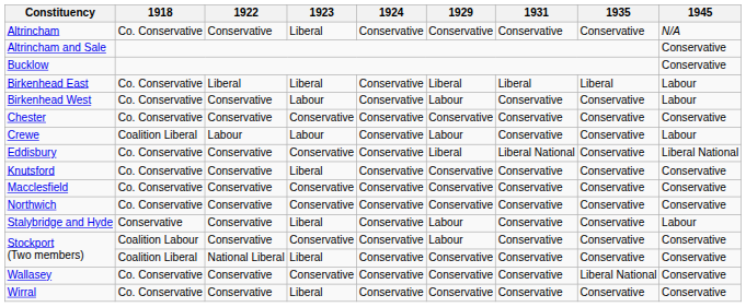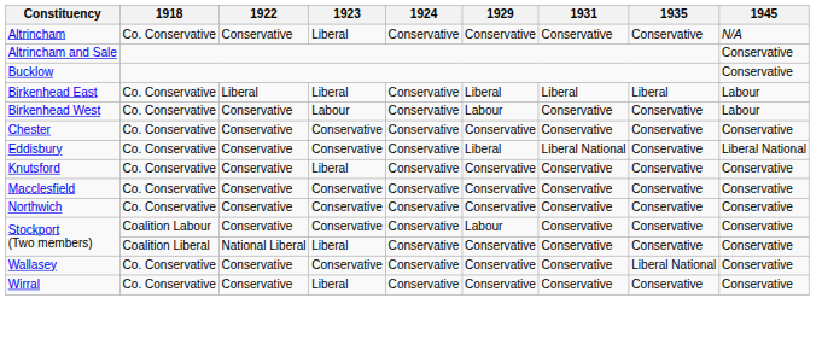 <table class="wikitable sortable">
 <tr>
 <th>Constituency</th>
 <th>1918</th>
 <th>1922</th>
 <th>1923</th>
 <th>1924</th>
 <th>1929</th>
 <th>1931</th>
 <th>1935</th>
 <th>1945</th>
 </tr>
 <tr>
 <td><a href='#'>Altrincham</a></td>
 <td bgcolor=>Co. Conservative</td>
 <td bgcolor=>Conservative</td>
 <td bgcolor=>Liberal</td>
 <td bgcolor=>Conservative</td>
 <td bgcolor=>Conservative</td>
 <td bgcolor=>Conservative</td>
 <td bgcolor=>Conservative</td>
 <td><em>N/A</em></td>
 </tr>
 <tr>
 <td><a href='#'>Altrincham and Sale</a></td>
 <td colspan="7"></td>
 <td bgcolor=>Conservative</td>
 </tr>
 <tr>
 <td><a href='#'>Bucklow</a></td>
 <td colspan="7"></td>
 <td bgcolor=>Conservative</td>
 </tr>
 <tr>
 <td><a href='#'>Birkenhead East</a></td>
 <td>Co. Conservative</td>
 <td>Liberal</td>
 <td>Liberal</td>
 <td>Conservative</td>
 <td>Liberal</td>
 <td>Liberal</td>
 <td>Liberal</td>
 <td bgcolor=>Labour</td>
 </tr>
 <tr>
 <td><a href='#'>Birkenhead West</a></td>
 <td>Co. Conservative</td>
 <td>Conservative</td>
 <td>Labour</td>
 <td>Conservative</td>
 <td>Labour</td>
 <td>Conservative</td>
 <td>Conservative</td>
 <td bgcolor=>Labour</td>
 </tr>
 <tr>
 <td><a href='#'>Chester</a></td>
 <td>Co. Conservative</td>
 <td>Conservative</td>
 <td>Conservative</td>
 <td>Conservative</td>
 <td>Conservative</td>
 <td>Conservative</td>
 <td>Conservative</td>
 <td bgcolor=>Conservative</td>
 </tr>
 <tr>
-<td><a href='#'>Crewe</a></td>
-<td>Coalition Liberal</td>
-<td>Labour</td>
-<td>Labour</td>
-<td>Conservative</td>
-<td>Labour</td>
-<td>Conservative</td>
-<td>Conservative</td>
-<td bgcolor=>Labour</td>
-</tr>
-<tr>
 <td><a href='#'>Eddisbury</a></td>
 <td>Co. Conservative</td>
 <td>Conservative</td>
 <td>Conservative</td>
 <td>Conservative</td>
 <td>Liberal</td>
 <td>Liberal National</td>
 <td>Conservative</td>
 <td bgcolor=>Liberal National</td>
 </tr>
 <tr>
 <td><a href='#'>Knutsford</a></td>
 <td>Co. Conservative</td>
 <td>Conservative</td>
 <td>Liberal</td>
 <td>Conservative</td>
 <td>Conservative</td>
 <td>Conservative</td>
 <td>Conservative</td>
 <td bgcolor=>Conservative</td>
 </tr>
 <tr>
 <td><a href='#'>Macclesfield</a></td>
 <td>Co. Conservative</td>
 <td>Conservative</td>
 <td>Conservative</td>
 <td>Conservative</td>
 <td>Conservative</td>
 <td>Conservative</td>
 <td>Conservative</td>
 <td bgcolor=>Conservative</td>
 </tr>
 <tr>
 <td><a href='#'>Northwich</a></td>
 <td>Co. Conservative</td>
 <td>Conservative</td>
 <td>Conservative</td>
 <td>Conservative</td>
 <td>Conservative</td>
 <td>Conservative</td>
 <td>Conservative</td>
 <td bgcolor=>Conservative</td>
-</tr>
-<tr>
-<td><a href='#'>Stalybridge and Hyde</a></td>
-<td>Conservative</td>
-<td>Conservative</td>
-<td>Liberal</td>
-<td>Conservative</td>
-<td>Labour</td>
-<td>Conservative</td>
-<td>Conservative</td>
-<td bgcolor=>Labour</td>
 </tr>
 <tr>
 <td rowspan="2"><a href='#'>Stockport</a><br>(Two members)</td>
 <td>Coalition Labour</td>
 <td>Conservative</td>
 <td>Conservative</td>
 <td>Conservative</td>
 <td>Labour</td>
 <td>Conservative</td>
 <td>Conservative</td>
 <td bgcolor=>Conservative</td>
 </tr>
 <tr>
 <td>Coalition Liberal</td>
 <td>National Liberal</td>
 <td>Liberal</td>
 <td>Conservative</td>
 <td>Conservative</td>
 <td>Conservative</td>
 <td>Conservative</td>
 <td bgcolor=>Conservative</td>
 </tr>
 <tr>
 <td><a href='#'>Wallasey</a></td>
 <td>Co. Conservative</td>
 <td>Conservative</td>
 <td>Conservative</td>
 <td>Conservative</td>
 <td>Conservative</td>
 <td>Conservative</td>
 <td>Liberal National</td>
 <td bgcolor=>Conservative</td>
 </tr>
 <tr>
 <td><a href='#'>Wirral</a></td>
 <td>Co. Conservative</td>
 <td>Conservative</td>
 <td>Liberal</td>
 <td>Conservative</td>
 <td>Conservative</td>
 <td>Conservative</td>
 <td>Conservative</td>
 <td bgcolor=>Conservative</td>
 </tr>
 </table>
